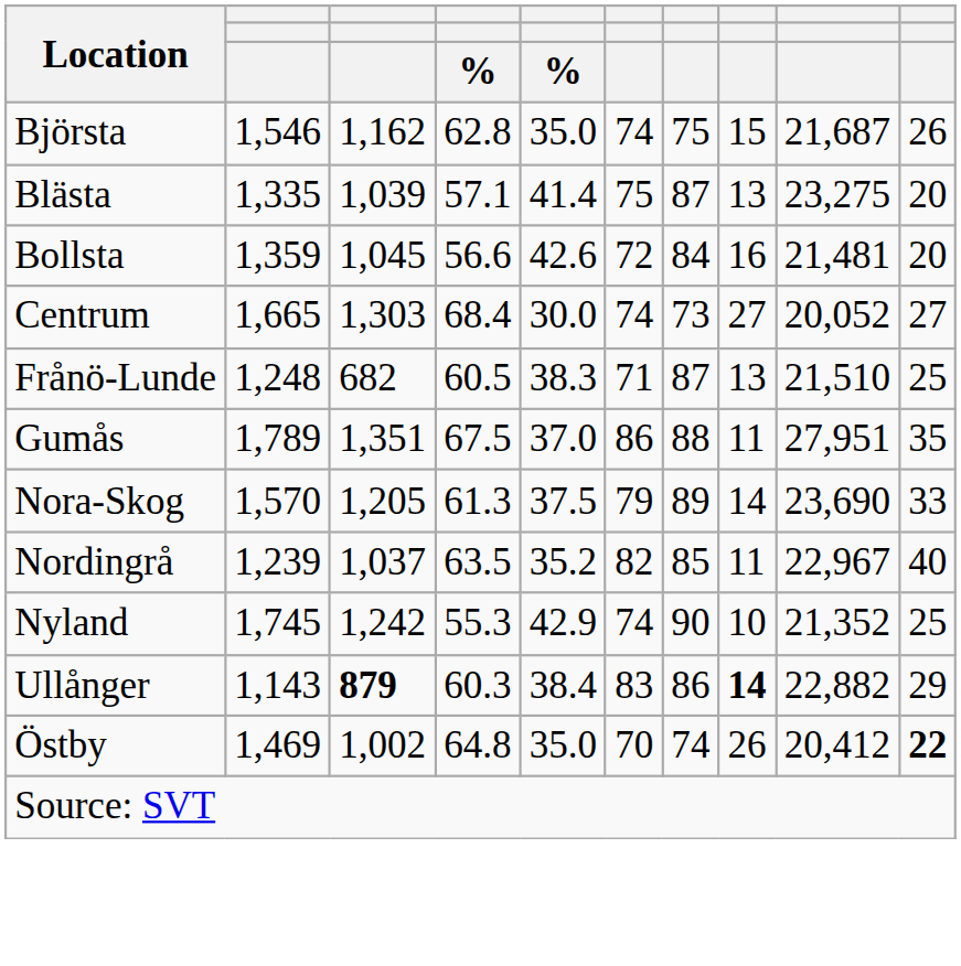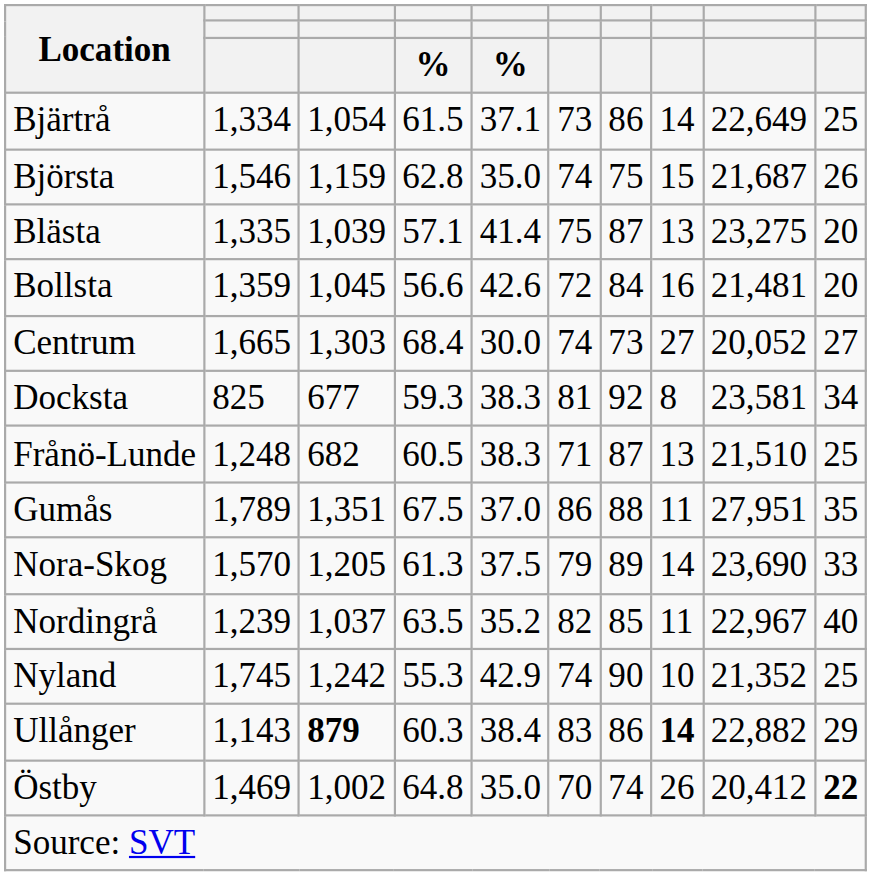 <table role="presentation" class="wikitable sortable mw-collapsible">
 <tr>
 <th rowspan="3">Location</th>
 <th></th>
 <th></th>
 <th></th>
 <th></th>
 <th></th>
 <th></th>
 <th></th>
 <th></th>
 <th></th>
 </tr>
 <tr>
 <th></th>
 <th></th>
 <th style="background:"></th>
 <th style="background:"></th>
 <th></th>
 <th></th>
 <th></th>
 <th></th>
 <th></th>
 </tr>
 <tr>
 <th data-sort-type="number"></th>
 <th data-sort-type="number"></th>
 <th data-sort-type="number">%</th>
 <th data-sort-type="number">%</th>
 <th data-sort-type="number"></th>
 <th data-sort-type="number"></th>
 <th data-sort-type="number"></th>
 <th data-sort-type="number"></th>
 <th data-sort-type="number"></th>
 </tr>
 <tr>
+<td align="left">Bjärtrå</td>
+<td>1,334</td>
+<td>1,054</td>
+<td>61.5</td>
+<td>37.1</td>
+<td>73</td>
+<td>86</td>
+<td>14</td>
+<td>22,649</td>
+<td>25</td>
+</tr>
+<tr>
 <td align="left">Björsta</td>
 <td>1,546</td>
-<td>1,162</td>
+<td>1,159</td>
 <td>62.8</td>
 <td>35.0</td>
 <td>74</td>
 <td>75</td>
 <td>15</td>
 <td>21,687</td>
 <td>26</td>
 </tr>
 <tr>
 <td align="left">Blästa</td>
 <td>1,335</td>
 <td>1,039</td>
 <td>57.1</td>
 <td>41.4</td>
 <td>75</td>
 <td>87</td>
 <td>13</td>
 <td>23,275</td>
 <td>20</td>
 </tr>
 <tr>
 <td align="left">Bollsta</td>
 <td>1,359</td>
 <td>1,045</td>
 <td>56.6</td>
 <td>42.6</td>
 <td>72</td>
 <td>84</td>
 <td>16</td>
 <td>21,481</td>
 <td>20</td>
 </tr>
 <tr>
 <td align="left">Centrum</td>
 <td>1,665</td>
 <td>1,303</td>
 <td>68.4</td>
 <td>30.0</td>
 <td>74</td>
 <td>73</td>
 <td>27</td>
 <td>20,052</td>
 <td>27</td>
+</tr>
+<tr>
+<td align="left">Docksta</td>
+<td>825</td>
+<td>677</td>
+<td>59.3</td>
+<td>38.3</td>
+<td>81</td>
+<td>92</td>
+<td>8</td>
+<td>23,581</td>
+<td>34</td>
 </tr>
 <tr>
 <td align="left">Frånö-Lunde</td>
 <td>1,248</td>
 <td>682</td>
 <td>60.5</td>
 <td>38.3</td>
 <td>71</td>
 <td>87</td>
 <td>13</td>
 <td>21,510</td>
 <td>25</td>
 </tr>
 <tr>
 <td align="left">Gumås</td>
 <td>1,789</td>
 <td>1,351</td>
 <td>67.5</td>
 <td>37.0</td>
 <td>86</td>
 <td>88</td>
 <td>11</td>
 <td>27,951</td>
 <td>35</td>
 </tr>
 <tr>
 <td align="left">Nora-Skog</td>
 <td>1,570</td>
 <td>1,205</td>
 <td>61.3</td>
 <td>37.5</td>
 <td>79</td>
 <td>89</td>
 <td>14</td>
 <td>23,690</td>
 <td>33</td>
 </tr>
 <tr>
 <td align="left">Nordingrå</td>
 <td>1,239</td>
 <td>1,037</td>
 <td>63.5</td>
 <td>35.2</td>
 <td>82</td>
 <td>85</td>
 <td>11</td>
 <td>22,967</td>
 <td>40</td>
 </tr>
 <tr>
 <td align="left">Nyland</td>
 <td>1,745</td>
 <td>1,242</td>
 <td>55.3</td>
 <td>42.9</td>
 <td>74</td>
 <td>90</td>
 <td>10</td>
 <td>21,352</td>
 <td>25</td>
 </tr>
 <tr>
 <td align="left">Ullånger</td>
 <td>1,143</td>
 <td><strong>879</strong></td>
 <td>60.3</td>
 <td>38.4</td>
 <td>83</td>
 <td>86</td>
 <td><strong>14</strong></td>
 <td>22,882</td>
 <td>29</td>
 </tr>
 <tr>
 <td align="left">Östby</td>
 <td>1,469</td>
 <td>1,002</td>
 <td>64.8</td>
 <td>35.0</td>
 <td>70</td>
 <td>74</td>
 <td>26</td>
 <td>20,412</td>
 <td><strong>22</strong></td>
 </tr>
 <tr>
 <td colspan="10" align="left">Source: <a href='#'>SVT</a></td>
 </tr>
 </table>
